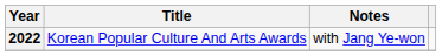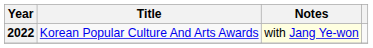 <table class="wikitable  plainrowheaders">
 <tr>
 <th scope="col">Year</th>
 <th scope="col">Title</th>
 <th scope="col">Notes</th>
 <th scope="col" class="unsortable"></th>
 </tr>
 <tr>
 <th scope="row">2022</th>
 <td><a href='#'>Korean Popular Culture And Arts Awards</a></td>
-<td>with <a href='#'>Jang Ye-won</a></td>
+<td style="background: lightyellow;">with <a href='#'>Jang Ye-won</a></td>
 <td></td>
 </tr>
 <tr>
 </tr>
 </table>
